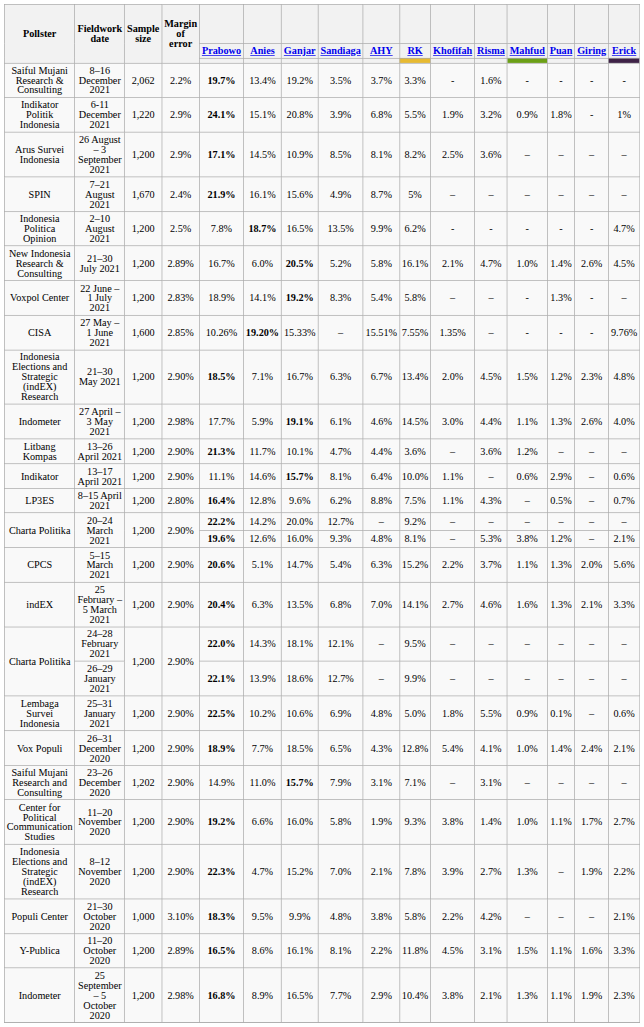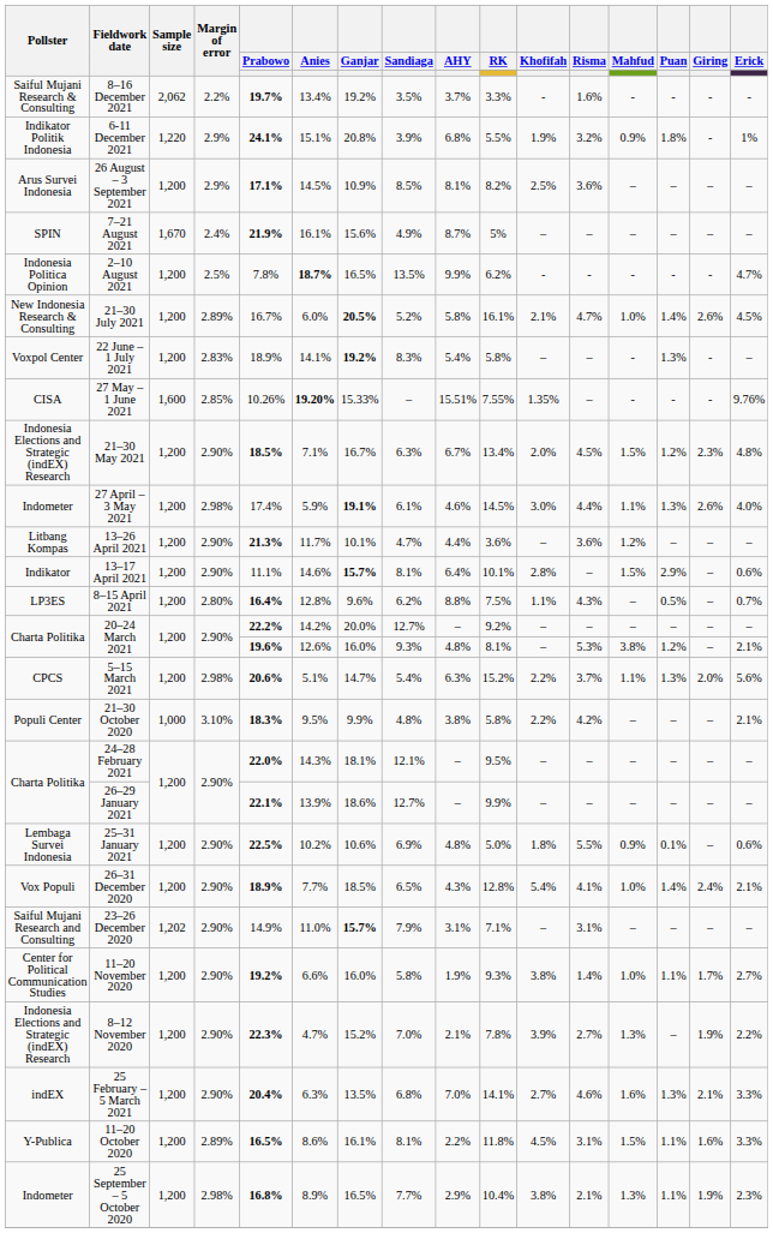 <table class="wikitable" style="text-align:center; font-size:90%; line-height:14px;">
 <tr style="height:55px; background-color:#E9E9E9">
 <th rowspan="3" style="width:95px;">Pollster</th>
 <th rowspan="3" style="width:110px;">Fieldwork date</th>
 <th style="width:35px;" rowspan="3">Sample size</th>
 <th style="width:50px;" rowspan="3">Margin of error</th>
 <th style="width:60px;"></th>
 <th style="width:60px;"></th>
 <th style="width:60px;"></th>
 <th style="width:60px;"></th>
 <th style="width:60px;"></th>
 <th style="width:60px;"></th>
 <th style="width:60px;"></th>
 <th style="width:60px;"></th>
 <th style="width:60px;"></th>
 <th style="width:60px;"></th>
 <th style="width:60px;"></th>
 <th style="width:60px;"></th>
 </tr>
 <tr>
 <th><a href='#'>Prabowo</a> <br></th>
 <th><a href='#'>Anies</a> <br></th>
 <th><a href='#'>Ganjar</a> <br></th>
 <th><a href='#'>Sandiaga</a> <br></th>
 <th><a href='#'>AHY</a> <br></th>
 <th><a href='#'>RK</a> <br></th>
 <th><a href='#'>Khofifah</a> <br></th>
 <th><a href='#'>Risma</a> <br></th>
 <th><a href='#'>Mahfud</a> <br></th>
 <th><a href='#'>Puan</a> <br></th>
 <th><a href='#'>Giring</a> <br></th>
 <th><a href='#'>Erick</a> <br></th>
 </tr>
 <tr>
 <th class="unsortable" style="color:inherit;background:"></th>
 <th class="unsortable" style="color:inherit;background:"></th>
 <th class="unsortable" style="color:inherit;background:"></th>
 <th class="unsortable" style="color:inherit;background:"></th>
 <th class="unsortable" style="color:inherit;background:"></th>
 <th class="unsortable" style="color:inherit;background:#E7BA32; width:40px;"></th>
 <th class="unsortable" style="color:inherit;background:"></th>
 <th class="unsortable" style="color:inherit;background:"></th>
 <th class="unsortable" style="color:inherit;background:#6CA016; width:40px;"></th>
 <th class="unsortable" style="color:inherit;background:"></th>
 <th class="unsortable" style="color:inherit;background:"></th>
 <th class="unsortable" style="color:inherit;background:#3F2347; width:40px;"></th>
 </tr>
 <tr>
 <td>Saiful Mujani Research & Consulting</td>
 <td>8–16 December 2021</td>
 <td>2,062</td>
 <td>2.2%</td>
 <td style="background-color:#"><strong>19.7%</strong></td>
 <td>13.4%</td>
 <td>19.2%</td>
 <td>3.5%</td>
 <td>3.7%</td>
 <td>3.3%</td>
 <td>-</td>
 <td>1.6%</td>
 <td>-</td>
 <td>-</td>
 <td>-</td>
 <td>-</td>
 </tr>
 <tr>
 <td>Indikator Politik Indonesia</td>
 <td>6-11 December 2021</td>
 <td>1,220</td>
 <td>2.9%</td>
 <td style="background-color:#"><strong>24.1%</strong></td>
 <td>15.1%</td>
 <td>20.8%</td>
 <td>3.9%</td>
 <td>6.8%</td>
 <td>5.5%</td>
 <td>1.9%</td>
 <td>3.2%</td>
 <td>0.9%</td>
 <td>1.8%</td>
 <td>-</td>
 <td>1%</td>
 </tr>
 <tr>
 <td>Arus Survei Indonesia</td>
 <td>26 August – 3 September 2021</td>
 <td>1,200</td>
 <td>2.9%</td>
 <td style="background-color:#"><strong>17.1%</strong> </td>
 <td>14.5% </td>
 <td>10.9% </td>
 <td>8.5% </td>
 <td>8.1% </td>
 <td>8.2% </td>
 <td>2.5% </td>
 <td>3.6% </td>
 <td>–</td>
 <td>–</td>
 <td>–</td>
 <td>–</td>
 </tr>
 <tr>
 <td>SPIN</td>
 <td>7–21 August 2021</td>
 <td>1,670</td>
 <td>2.4%</td>
 <td style="background-color:#"><strong>21.9%</strong> </td>
 <td>16.1% </td>
 <td>15.6% </td>
 <td>4.9% </td>
 <td>8.7% </td>
 <td>5% </td>
 <td>– </td>
 <td>– </td>
 <td>– </td>
 <td>– </td>
 <td>– </td>
 <td>– </td>
 </tr>
 <tr>
 <td>Indonesia Politica<br>Opinion</td>
 <td>2–10 August 2021</td>
 <td>1,200</td>
 <td>2.5%</td>
 <td>7.8% </td>
 <td style="background-color:#"><strong>18.7%</strong> </td>
 <td>16.5% </td>
 <td>13.5% </td>
 <td>9.9% </td>
 <td>6.2% </td>
 <td>-</td>
 <td>-</td>
 <td>-</td>
 <td>-</td>
 <td>-</td>
 <td>4.7% </td>
 </tr>
 <tr>
 <td>New Indonesia<br>Research & Consulting</td>
 <td>21–30 July 2021</td>
 <td>1,200</td>
 <td>2.89%</td>
 <td>16.7% </td>
 <td>6.0% </td>
 <td style="background-color:#"><strong>20.5%</strong> </td>
 <td>5.2% </td>
 <td>5.8% </td>
 <td>16.1% </td>
 <td>2.1% </td>
 <td>4.7% </td>
 <td>1.0% </td>
 <td>1.4% </td>
 <td>2.6% </td>
 <td>4.5% </td>
 </tr>
 <tr>
 <td>Voxpol Center</td>
 <td>22 June – 1 July 2021</td>
 <td>1,200</td>
 <td>2.83%</td>
 <td>18.9% </td>
 <td>14.1% </td>
 <td style="background-color:#"><strong>19.2%</strong> </td>
 <td>8.3% </td>
 <td>5.4% </td>
 <td>5.8% </td>
 <td>–</td>
 <td>–</td>
 <td>-</td>
 <td>1.3% </td>
 <td>-</td>
 <td>–</td>
 </tr>
 <tr ind>
 <td>CISA</td>
 <td>27 May – 1 June 2021</td>
 <td>1,600</td>
 <td>2.85%</td>
 <td>10.26% </td>
 <td style="background-color:#"><strong>19.20%</strong> </td>
 <td>15.33% </td>
 <td>–</td>
 <td>15.51% </td>
 <td>7.55% </td>
 <td>1.35% </td>
 <td>–</td>
 <td>-</td>
 <td>-</td>
 <td>-</td>
 <td>9.76% </td>
 </tr>
 <tr>
 <td>Indonesia Elections and Strategic (indEX) Research</td>
 <td>21–30 May 2021</td>
 <td>1,200</td>
 <td>2.90%</td>
 <td style="background-color:#"><strong>18.5%</strong> </td>
 <td>7.1% </td>
 <td>16.7% </td>
 <td>6.3% </td>
 <td>6.7% </td>
 <td>13.4% </td>
 <td>2.0% </td>
 <td>4.5% </td>
 <td>1.5% </td>
 <td>1.2% </td>
 <td>2.3% </td>
 <td>4.8% </td>
 </tr>
 <tr>
 <td>Indometer</td>
 <td>27 April – 3 May 2021</td>
 <td>1,200</td>
 <td>2.98%</td>
-<td>17.7% </td>
+<td>17.4% </td>
 <td>5.9% </td>
 <td style="background-color:#"><strong>19.1%</strong> </td>
 <td>6.1% </td>
 <td>4.6% </td>
 <td>14.5% </td>
 <td>3.0% </td>
 <td>4.4% </td>
 <td>1.1% </td>
 <td>1.3% </td>
 <td>2.6% </td>
 <td>4.0% </td>
 </tr>
 <tr>
 <td>Litbang Kompas</td>
 <td>13–26 April 2021</td>
 <td>1,200</td>
 <td>2.90%</td>
 <td style="background-color:#"><strong>21.3%</strong> </td>
 <td>11.7% </td>
 <td>10.1% </td>
 <td>4.7% </td>
 <td>4.4% </td>
 <td>3.6% </td>
 <td>– </td>
 <td>3.6% </td>
 <td>1.2% </td>
 <td>– </td>
 <td>– </td>
 <td>– </td>
 </tr>
 <tr>
 <td>Indikator</td>
 <td>13–17 April 2021</td>
 <td>1,200</td>
 <td>2.90%</td>
 <td>11.1% </td>
 <td>14.6% </td>
 <td style="background-color:#"><strong>15.7%</strong> </td>
 <td>8.1% </td>
 <td>6.4% </td>
-<td>10.0% </td>
-<td>1.1% </td>
+<td>10.1% </td>
+<td>2.8% </td>
 <td>– </td>
-<td>0.6% </td>
+<td>1.5% </td>
 <td>2.9% </td>
 <td>– </td>
 <td>0.6% </td>
 </tr>
 <tr>
 <td>LP3ES</td>
 <td>8–15 April 2021</td>
 <td>1,200</td>
 <td>2.80%</td>
 <td style="background-color:#"><strong>16.4%</strong> </td>
 <td>12.8% </td>
 <td>9.6% </td>
 <td>6.2% </td>
 <td>8.8% </td>
 <td>7.5% </td>
 <td>1.1% </td>
 <td>4.3% </td>
 <td>– </td>
 <td>0.5% </td>
 <td>– </td>
 <td>0.7% </td>
 </tr>
 <tr>
 <td rowspan=2>Charta Politika</td>
 <td rowspan=2>20–24 March 2021</td>
 <td rowspan=2>1,200</td>
 <td rowspan=2>2.90%</td>
 <td style="background-color:#"><strong>22.2%</strong> </td>
 <td>14.2% </td>
 <td>20.0% </td>
 <td>12.7% </td>
 <td>– </td>
 <td>9.2% </td>
 <td>– </td>
 <td>– </td>
 <td>– </td>
 <td>– </td>
 <td>– </td>
 <td>– </td>
 </tr>
 <tr>
 <td style="background-color:#"><strong>19.6%</strong> </td>
 <td>12.6% </td>
 <td>16.0% </td>
 <td>9.3% </td>
 <td>4.8% </td>
 <td>8.1% </td>
 <td>– </td>
 <td>5.3% </td>
 <td>3.8% </td>
 <td>1.2% </td>
 <td>– </td>
 <td>2.1% </td>
 </tr>
 <tr>
 <td>CPCS</td>
 <td>5–15 March 2021</td>
 <td>1,200</td>
-<td>2.90%</td>
+<td>2.98%</td>
 <td style="background-color:#"><strong>20.6%</strong> </td>
 <td>5.1% </td>
 <td>14.7% </td>
 <td>5.4% </td>
 <td>6.3% </td>
 <td>15.2% </td>
 <td>2.2% </td>
 <td>3.7% </td>
 <td>1.1% </td>
 <td>1.3% </td>
 <td>2.0% </td>
 <td>5.6% </td>
 </tr>
 <tr>
-<td>indEX</td>
-<td>25 February – 5 March 2021</td>
-<td>1,200</td>
-<td>2.90%</td>
-<td style="background-color:#"><strong>20.4%</strong> </td>
-<td>6.3% </td>
-<td>13.5% </td>
-<td>6.8% </td>
-<td>7.0% </td>
-<td>14.1% </td>
-<td>2.7% </td>
-<td>4.6% </td>
-<td>1.6% </td>
-<td>1.3% </td>
+<td>Populi Center</td>
+<td>21–30 October 2020</td>
+<td>1,000</td>
+<td>3.10%</td>
+<td style="background-color:#"><strong>18.3%</strong> </td>
+<td>9.5% </td>
+<td>9.9% </td>
+<td>4.8% </td>
+<td>3.8% </td>
+<td>5.8% </td>
+<td>2.2% </td>
+<td>4.2% </td>
+<td>– </td>
+<td>– </td>
+<td>–</td>
 <td>2.1% </td>
-<td>3.3% </td>
 </tr>
 <tr>
 <td rowspan="2">Charta Politika</td>
 <td>24–28 February 2021</td>
 <td rowspan="2">1,200</td>
 <td rowspan="2">2.90%</td>
 <td style="background-color:#"><strong>22.0%</strong> </td>
 <td>14.3% </td>
 <td>18.1% </td>
 <td>12.1% </td>
 <td>– </td>
 <td>9.5% </td>
 <td>– </td>
 <td>– </td>
 <td>– </td>
 <td>– </td>
 <td>– </td>
 <td>– </td>
 </tr>
 <tr>
 <td>26–29 January 2021</td>
 <td style="background-color:#"><strong>22.1%</strong> </td>
 <td>13.9% </td>
 <td>18.6% </td>
 <td>12.7% </td>
 <td>– </td>
 <td>9.9% </td>
 <td>– </td>
 <td>– </td>
 <td>– </td>
 <td>– </td>
 <td>– </td>
 <td>– </td>
 </tr>
 <tr>
 <td>Lembaga Survei Indonesia</td>
 <td>25–31 January 2021</td>
 <td>1,200</td>
 <td>2.90%</td>
 <td style="background-color:#"><strong>22.5%</strong> </td>
 <td>10.2% </td>
 <td>10.6% </td>
 <td>6.9% </td>
 <td>4.8% </td>
 <td>5.0% </td>
 <td>1.8% </td>
 <td>5.5% </td>
 <td>0.9% </td>
 <td>0.1% </td>
 <td>– </td>
 <td>0.6% </td>
 </tr>
 <tr>
 <td>Vox Populi</td>
 <td>26–31 December 2020</td>
 <td>1,200</td>
 <td>2.90%</td>
 <td style="background-color:#"><strong>18.9%</strong> </td>
 <td>7.7% </td>
 <td>18.5% </td>
 <td>6.5% </td>
 <td>4.3% </td>
 <td>12.8% </td>
 <td>5.4% </td>
 <td>4.1% </td>
 <td>1.0% </td>
 <td>1.4% </td>
 <td>2.4% </td>
 <td>2.1% </td>
 </tr>
 <tr>
 <td>Saiful Mujani Research and Consulting</td>
 <td>23–26 December 2020</td>
 <td>1,202</td>
 <td>2.90%</td>
 <td>14.9% </td>
 <td>11.0% </td>
 <td style="background-color:#"><strong>15.7%</strong> </td>
 <td>7.9% </td>
 <td>3.1% </td>
 <td>7.1% </td>
 <td>– </td>
 <td>3.1% </td>
 <td>– </td>
 <td>– </td>
 <td>– </td>
 <td>– </td>
 </tr>
 <tr>
 <td>Center for Political Communication Studies</td>
 <td>11–20 November 2020</td>
 <td>1,200</td>
 <td>2.90%</td>
 <td style="background-color:#"><strong>19.2%</strong> </td>
 <td>6.6% </td>
 <td>16.0% </td>
 <td>5.8% </td>
 <td>1.9% </td>
 <td>9.3% </td>
 <td>3.8% </td>
 <td>1.4% </td>
 <td>1.0% </td>
 <td>1.1% </td>
 <td>1.7% </td>
 <td>2.7% </td>
 </tr>
 <tr>
 <td>Indonesia Elections and Strategic (indEX) Research</td>
 <td>8–12 November 2020</td>
 <td>1,200</td>
 <td>2.90%</td>
 <td style="background-color:#"><strong>22.3%</strong> </td>
 <td>4.7% </td>
 <td>15.2% </td>
 <td>7.0% </td>
 <td>2.1% </td>
 <td>7.8% </td>
 <td>3.9% </td>
 <td>2.7% </td>
 <td>1.3% </td>
 <td>– </td>
 <td>1.9% </td>
 <td>2.2% </td>
 </tr>
 <tr>
-<td>Populi Center</td>
-<td>21–30 October 2020</td>
-<td>1,000</td>
-<td>3.10%</td>
-<td style="background-color:#"><strong>18.3%</strong> </td>
-<td>9.5% </td>
-<td>9.9% </td>
-<td>4.8% </td>
-<td>3.8% </td>
-<td>5.8% </td>
-<td>2.2% </td>
-<td>4.2% </td>
-<td>– </td>
-<td>– </td>
-<td>–</td>
+<td>indEX</td>
+<td>25 February – 5 March 2021</td>
+<td>1,200</td>
+<td>2.90%</td>
+<td style="background-color:#"><strong>20.4%</strong> </td>
+<td>6.3% </td>
+<td>13.5% </td>
+<td>6.8% </td>
+<td>7.0% </td>
+<td>14.1% </td>
+<td>2.7% </td>
+<td>4.6% </td>
+<td>1.6% </td>
+<td>1.3% </td>
 <td>2.1% </td>
+<td>3.3% </td>
 </tr>
 <tr>
 <td>Y-Publica</td>
 <td>11–20 October 2020</td>
 <td>1,200</td>
 <td>2.89%</td>
 <td style="background-color:#"><strong>16.5%</strong> </td>
 <td>8.6% </td>
 <td>16.1% </td>
 <td>8.1% </td>
 <td>2.2% </td>
 <td>11.8% </td>
 <td>4.5% </td>
 <td>3.1% </td>
 <td>1.5% </td>
 <td>1.1% </td>
 <td>1.6%</td>
 <td>3.3% </td>
 </tr>
 <tr>
 <td>Indometer</td>
 <td>25 September – 5 October 2020</td>
 <td>1,200</td>
 <td>2.98%</td>
 <td style="background-color:#"><strong>16.8%</strong> </td>
 <td>8.9% </td>
 <td>16.5% </td>
 <td>7.7% </td>
 <td>2.9% </td>
 <td>10.4% </td>
 <td>3.8% </td>
 <td>2.1% </td>
 <td>1.3% </td>
 <td>1.1% </td>
 <td>1.9%</td>
 <td>2.3% </td>
 </tr>
 <tr>
 </tr>
 </table>
